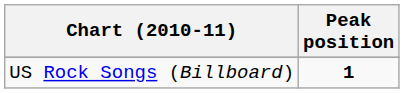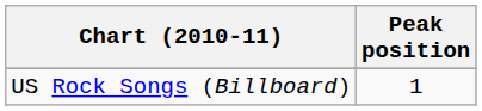 <table class="wikitable sortable">
 <tr>
 <th>Chart (2010-11)</th>
 <th>Peak<br>position</th>
 </tr>
 <tr>
 </tr>
 <tr>
 </tr>
 <tr>
 </tr>
 <tr>
 </tr>
 <tr>
 </tr>
 <tr>
 </tr>
 <tr>
 </tr>
 <tr>
 <td>US <a href='#'>Rock Songs</a> (<em>Billboard</em>)</td>
-<td align="center"><strong>1</strong></td>
+<td align="center">1</td>
 </tr>
 </table>
